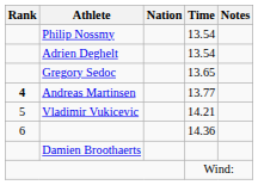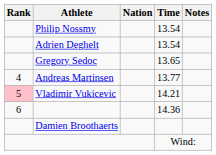 <table class="wikitable sortable" style="text-align:center;">
 <tr>
 <th scope="col" style="width: 10px;">Rank</th>
 <th scope="col">Athlete</th>
 <th scope="col">Nation</th>
 <th scope="col">Time</th>
 <th scope="col">Notes</th>
 </tr>
 <tr>
 <td></td>
 <td align=left><a href='#'>Philip Nossmy</a></td>
 <td align=left></td>
 <td>13.54</td>
 <td></td>
 </tr>
 <tr>
 <td></td>
 <td align=left><a href='#'>Adrien Deghelt</a></td>
 <td align=left></td>
 <td>13.54</td>
 <td></td>
 </tr>
 <tr>
 <td></td>
 <td align=left><a href='#'>Gregory Sedoc</a></td>
 <td align=left></td>
 <td>13.65</td>
 <td></td>
 </tr>
 <tr>
-<td><strong>4</strong></td>
+<td>4</td>
 <td align=left><a href='#'>Andreas Martinsen</a></td>
 <td align=left></td>
 <td>13.77</td>
 <td></td>
 </tr>
 <tr>
-<td>5</td>
+<td style="background: pink;">5</td>
 <td align=left><a href='#'>Vladimir Vukicevic</a></td>
 <td align=left></td>
 <td>14.21</td>
 <td></td>
 </tr>
 <tr>
 <td>6</td>
 <td align=left></td>
 <td align=left></td>
 <td>14.36</td>
 <td></td>
 </tr>
 <tr>
 <td></td>
 <td align=left><a href='#'>Damien Broothaerts</a></td>
 <td align=left></td>
 <td></td>
 <td></td>
 </tr>
 <tr class="sortbottom">
 <td colspan="3"></td>
 <td colspan="2">Wind: </td>
 </tr>
 </table>
